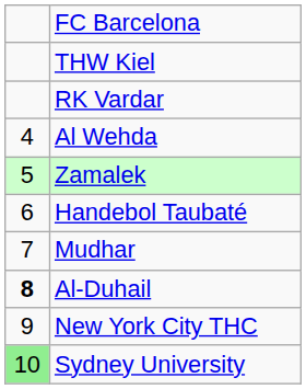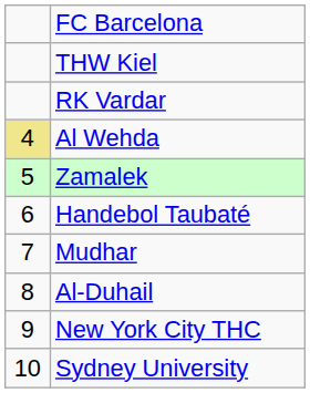 <table class="wikitable" width="200px">
 <tr>
 <td align=center></td>
 <td> <a href='#'>FC Barcelona</a></td>
 </tr>
 <tr>
 <td align=center></td>
 <td> <a href='#'>THW Kiel</a></td>
 </tr>
 <tr>
 <td align=center></td>
 <td> <a href='#'>RK Vardar</a></td>
 </tr>
 <tr>
-<td align=center>4</td>
+<td align=center style="background: khaki;">4</td>
 <td> <a href='#'>Al Wehda</a></td>
 </tr>
 <tr>
 <td align=center bgcolor=#ccffcc>5</td>
 <td bgcolor=#ccffcc> <a href='#'>Zamalek</a></td>
 </tr>
 <tr>
 <td align=center>6</td>
 <td> <a href='#'>Handebol Taubaté</a></td>
 </tr>
 <tr>
 <td align=center>7</td>
 <td> <a href='#'>Mudhar</a></td>
 </tr>
 <tr>
-<td align=center><strong>8</strong></td>
+<td align=center>8</td>
 <td> <a href='#'>Al-Duhail</a></td>
 </tr>
 <tr>
 <td align=center>9</td>
 <td> <a href='#'>New York City THC</a></td>
 </tr>
 <tr>
-<td align=center style="background: lightgreen;">10</td>
+<td align=center>10</td>
 <td> <a href='#'>Sydney University</a></td>
 </tr>
 </table>
